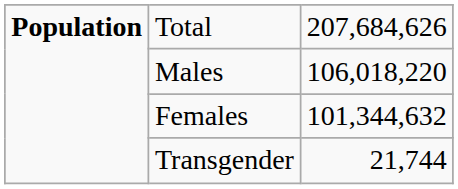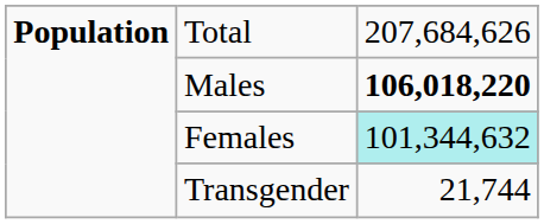 <table class="wikitable">
 <tr>
 <td rowspan="4" style="text-align:left; vertical-align:top;"><strong>Population</strong></td>
 <td align="left">Total</td>
 <td align="right">207,684,626</td>
 </tr>
 <tr>
 <td align="left">Males</td>
-<td align="right">106,018,220</td>
+<td align="right"><strong>106,018,220</strong></td>
 </tr>
 <tr>
 <td align="left">Females</td>
-<td align="right">101,344,632</td>
+<td align="right" style="background: paleturquoise;">101,344,632</td>
 </tr>
 <tr>
 <td align="left">Transgender</td>
 <td align="right">21,744</td>
 </tr>
 </table>
